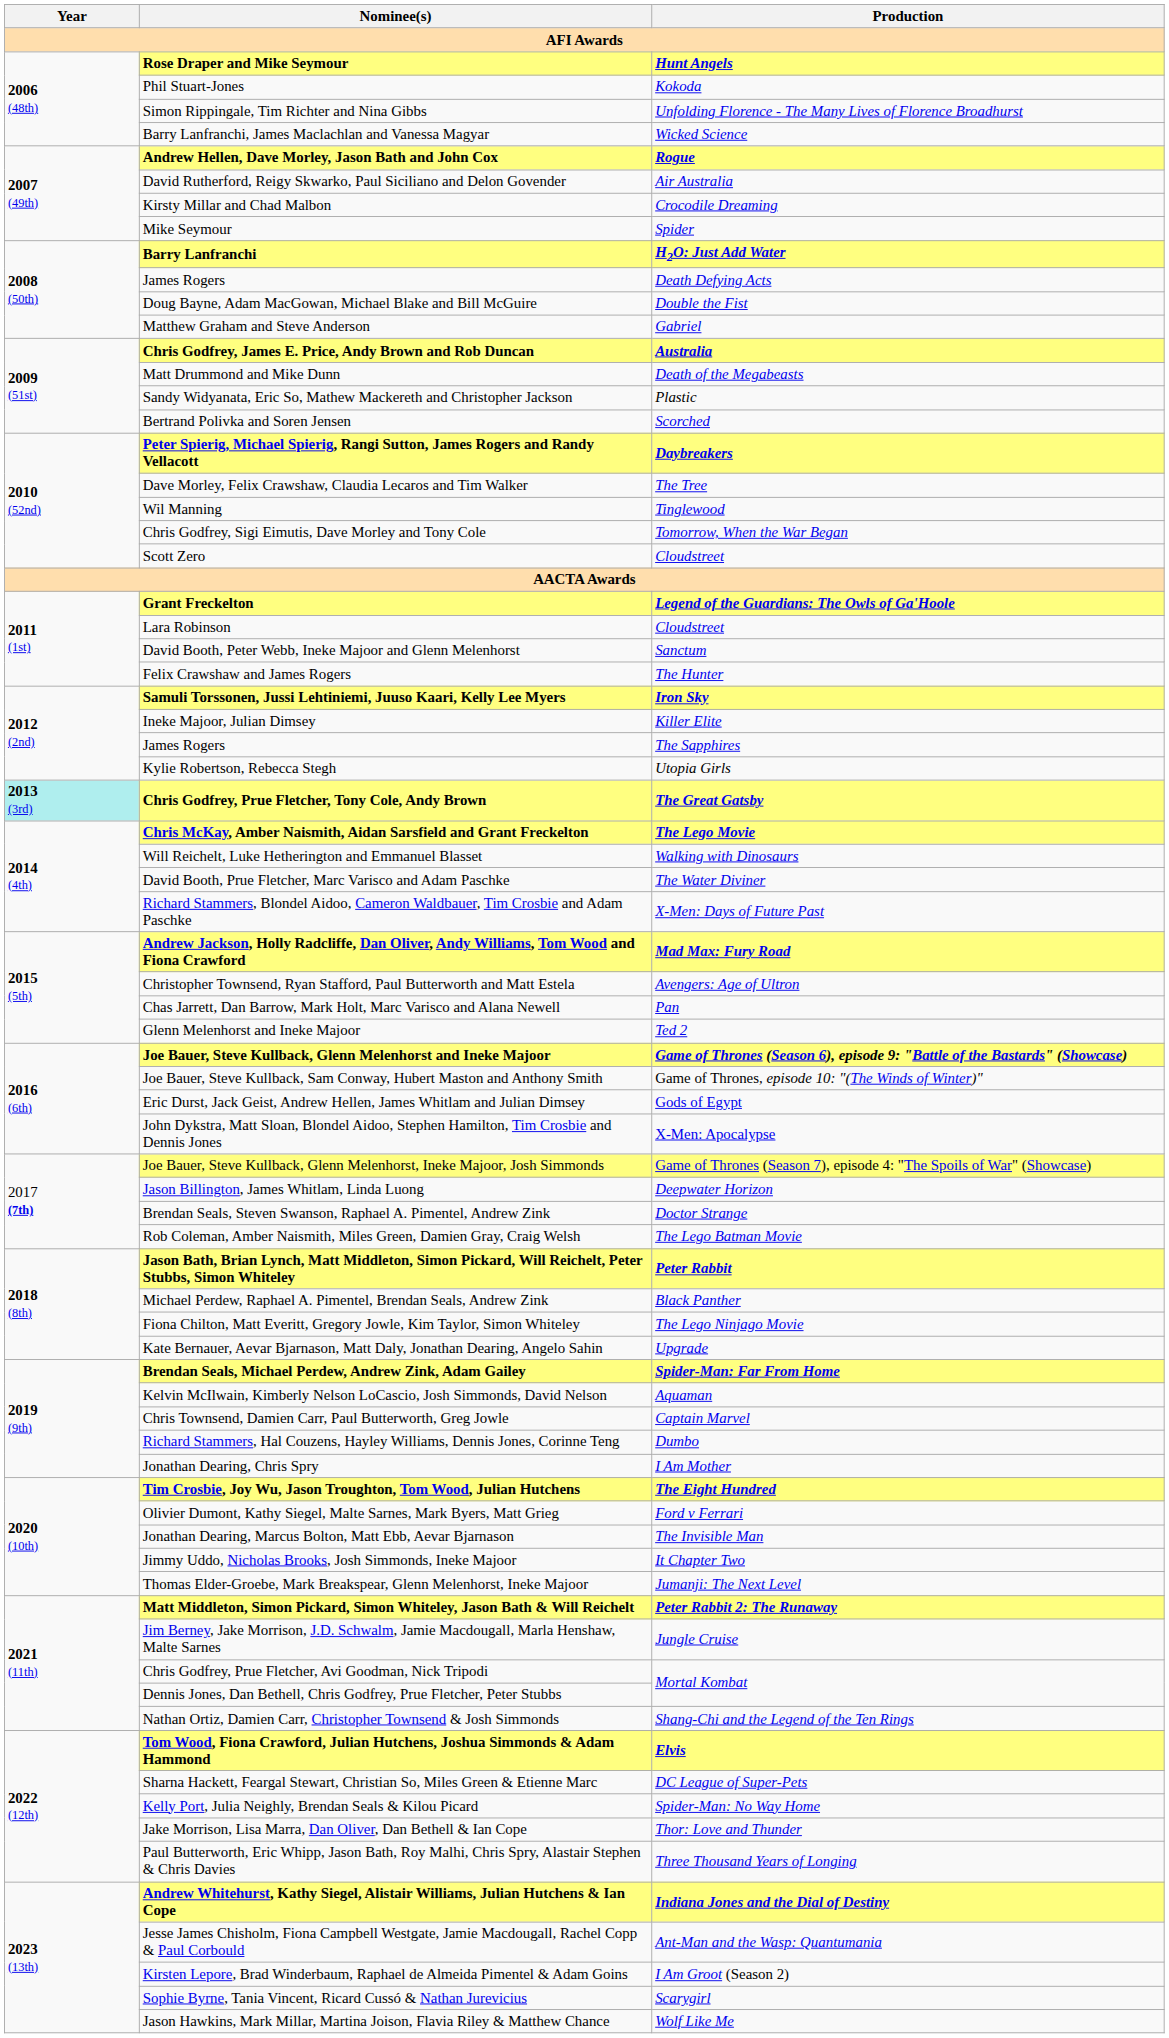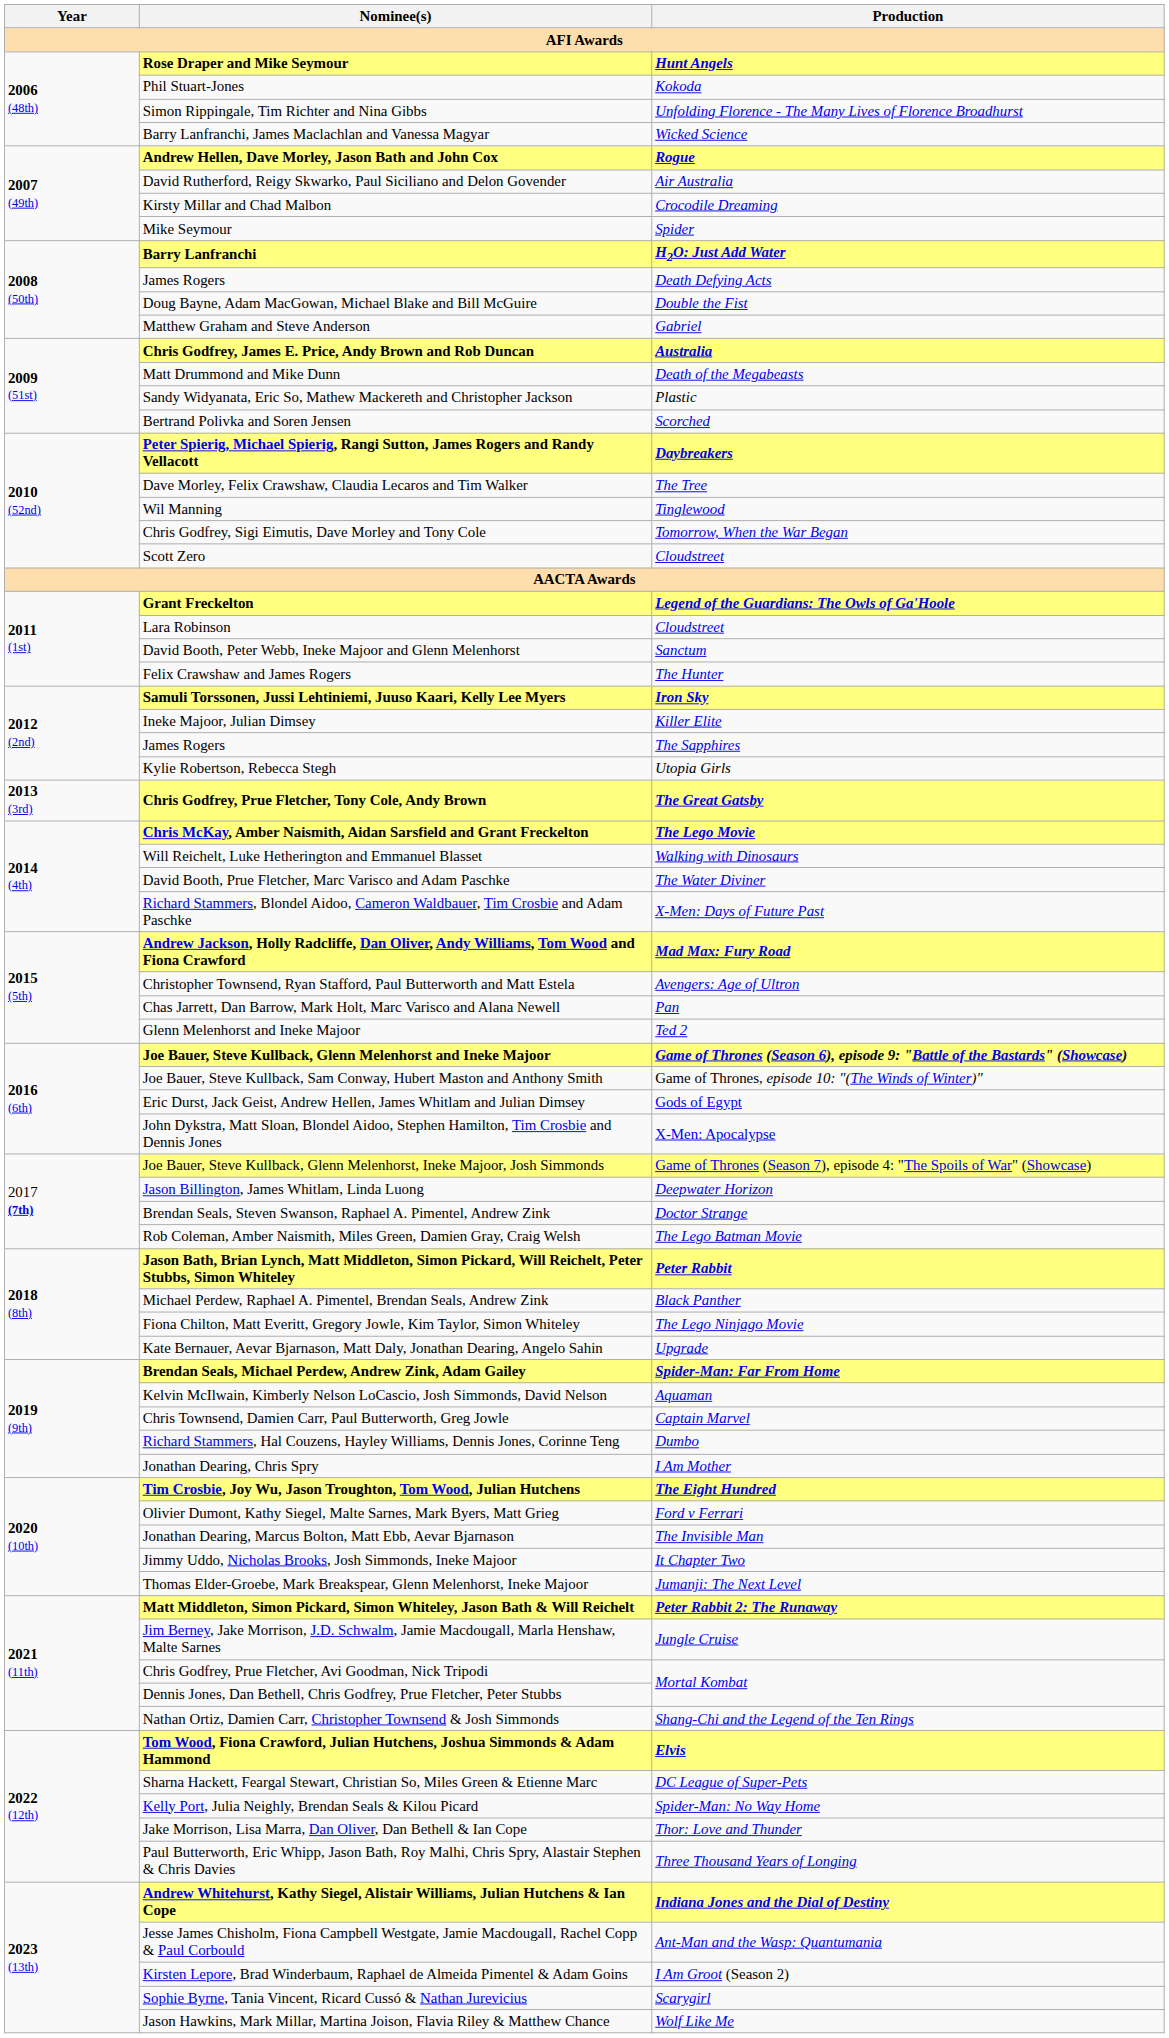 <table class="sortable wikitable">
 <tr>
 <th width="5%">Year</th>
 <th width="19%">Nominee(s)</th>
 <th width="19%">Production</th>
 </tr>
 <tr>
 <td colspan="3" style="background:#FFDEAD;" align="center"><strong>AFI Awards</strong></td>
 </tr>
 <tr>
 <td rowspan=4><strong>2006</strong><br><small><a href='#'>(48th)</a></small></td>
 <td style="background:#ffff80;"><strong>Rose Draper and Mike Seymour</strong></td>
 <td style="background:#ffff80;"><strong><em><a href='#'>Hunt Angels</a></em></strong></td>
 </tr>
 <tr>
 <td>Phil Stuart-Jones</td>
 <td><em><a href='#'>Kokoda</a></em></td>
 </tr>
 <tr>
 <td>Simon Rippingale, Tim Richter and Nina Gibbs</td>
 <td><em><a href='#'>Unfolding Florence - The Many Lives of Florence Broadhurst</a></em></td>
 </tr>
 <tr>
 <td>Barry Lanfranchi, James Maclachlan and Vanessa Magyar</td>
 <td><em><a href='#'>Wicked Science</a></em></td>
 </tr>
 <tr>
 <td rowspan=4><strong>2007</strong><br><small><a href='#'>(49th)</a></small></td>
 <td style="background:#ffff80;"><strong>Andrew Hellen, Dave Morley, Jason Bath and John Cox</strong></td>
 <td style="background:#ffff80;"><strong><em><a href='#'>Rogue</a></em></strong></td>
 </tr>
 <tr>
 <td>David Rutherford, Reigy Skwarko, Paul Siciliano and Delon Govender</td>
 <td><em><a href='#'>Air Australia</a></em></td>
 </tr>
 <tr>
 <td>Kirsty Millar and Chad Malbon</td>
 <td><em><a href='#'>Crocodile Dreaming</a></em></td>
 </tr>
 <tr>
 <td>Mike Seymour</td>
 <td><em><a href='#'>Spider</a></em></td>
 </tr>
 <tr>
 <td rowspan=4><strong>2008</strong><br><small><a href='#'>(50th)</a></small></td>
 <td style="background:#ffff80;"><strong>Barry Lanfranchi</strong></td>
 <td style="background:#ffff80;"><strong><em><a href='#'>H<sub>2</sub>O: Just Add Water</a></em></strong></td>
 </tr>
 <tr>
 <td>James Rogers</td>
 <td><em><a href='#'>Death Defying Acts</a></em></td>
 </tr>
 <tr>
 <td>Doug Bayne, Adam MacGowan, Michael Blake and Bill McGuire</td>
 <td><em><a href='#'>Double the Fist</a></em></td>
 </tr>
 <tr>
 <td>Matthew Graham and Steve Anderson</td>
 <td><em><a href='#'>Gabriel</a></em></td>
 </tr>
 <tr>
 <td rowspan=4><strong>2009</strong><br><small><a href='#'>(51st)</a></small></td>
 <td style="background:#ffff80;"><strong>Chris Godfrey, James E. Price, Andy Brown and Rob Duncan</strong></td>
 <td style="background:#ffff80;"><strong><em><a href='#'>Australia</a></em></strong></td>
 </tr>
 <tr>
 <td>Matt Drummond and Mike Dunn</td>
 <td><em><a href='#'>Death of the Megabeasts</a></em></td>
 </tr>
 <tr>
 <td>Sandy Widyanata, Eric So, Mathew Mackereth and Christopher Jackson</td>
 <td><em>Plastic</em></td>
 </tr>
 <tr>
 <td>Bertrand Polivka and Soren Jensen</td>
 <td><em><a href='#'>Scorched</a></em></td>
 </tr>
 <tr>
 <td rowspan=5><strong>2010</strong><br><small><a href='#'>(52nd)</a></small></td>
 <td style="background:#ffff80;"><strong><a href='#'>Peter Spierig, Michael Spierig</a>, Rangi Sutton, James Rogers and Randy Vellacott</strong></td>
 <td style="background:#ffff80;"><strong><em><a href='#'>Daybreakers</a></em></strong></td>
 </tr>
 <tr>
 <td>Dave Morley, Felix Crawshaw, Claudia Lecaros and Tim Walker</td>
 <td><em><a href='#'>The Tree</a></em></td>
 </tr>
 <tr>
 <td>Wil Manning</td>
 <td><em><a href='#'>Tinglewood</a></em></td>
 </tr>
 <tr>
 <td>Chris Godfrey, Sigi Eimutis, Dave Morley and Tony Cole</td>
 <td><em><a href='#'>Tomorrow, When the War Began</a></em></td>
 </tr>
 <tr>
 <td>Scott Zero</td>
 <td><em><a href='#'>Cloudstreet</a></em></td>
 </tr>
 <tr>
 <td colspan="3" style="background:#FFDEAD;" align="center"><strong>AACTA Awards</strong></td>
 </tr>
 <tr>
 <td rowspan=4><strong>2011</strong><br><small><a href='#'>(1st)</a></small></td>
 <td style="background:#ffff80;"><strong>Grant Freckelton</strong></td>
 <td style="background:#ffff80;"><strong><em><a href='#'>Legend of the Guardians: The Owls of Ga'Hoole</a></em></strong> </td>
 </tr>
 <tr>
 <td>Lara Robinson</td>
 <td><em><a href='#'>Cloudstreet</a></em></td>
 </tr>
 <tr>
 <td>David Booth, Peter Webb, Ineke Majoor and Glenn Melenhorst</td>
 <td><em><a href='#'>Sanctum</a></em></td>
 </tr>
 <tr>
 <td>Felix Crawshaw and James Rogers</td>
 <td><em><a href='#'>The Hunter</a></em></td>
 </tr>
 <tr>
 <td rowspan=4><strong>2012</strong><br><small><a href='#'>(2nd)</a></small></td>
 <td style="background:#ffff80;"><strong>Samuli Torssonen, Jussi Lehtiniemi, Juuso Kaari, Kelly Lee Myers</strong></td>
 <td style="background:#ffff80;"><strong><em><a href='#'>Iron Sky</a></em></strong></td>
 </tr>
 <tr>
 <td>Ineke Majoor, Julian Dimsey</td>
 <td><em><a href='#'>Killer Elite</a></em></td>
 </tr>
 <tr>
 <td>James Rogers</td>
 <td><em><a href='#'>The Sapphires</a></em></td>
 </tr>
 <tr>
 <td>Kylie Robertson, Rebecca Stegh</td>
 <td><em>Utopia Girls</em></td>
 </tr>
 <tr>
-<td style="background: paleturquoise;"><strong>2013</strong><br><small><a href='#'>(3rd)</a></small></td>
+<td><strong>2013</strong><br><small><a href='#'>(3rd)</a></small></td>
 <td style="background:#ffff80;"><strong>Chris Godfrey, Prue Fletcher, Tony Cole, Andy Brown</strong></td>
 <td style="background:#ffff80;"><strong><em><a href='#'>The Great Gatsby</a></em></strong></td>
 </tr>
 <tr>
 <td rowspan=4><strong>2014</strong><br><small><a href='#'>(4th)</a></small></td>
 <td style="background:#ffff80;"><strong><a href='#'>Chris McKay</a>, Amber Naismith, Aidan Sarsfield and Grant Freckelton</strong></td>
 <td style="background:#ffff80;"><strong><em><a href='#'>The Lego Movie</a></em></strong></td>
 </tr>
 <tr>
 <td>Will Reichelt, Luke Hetherington and Emmanuel Blasset</td>
 <td><em><a href='#'>Walking with Dinosaurs</a></em></td>
 </tr>
 <tr>
 <td>David Booth, Prue Fletcher, Marc Varisco and Adam Paschke</td>
 <td><em><a href='#'>The Water Diviner</a></em></td>
 </tr>
 <tr>
 <td><a href='#'>Richard Stammers</a>, Blondel Aidoo, <a href='#'>Cameron Waldbauer</a>, <a href='#'>Tim Crosbie</a> and Adam Paschke</td>
 <td><em><a href='#'>X-Men: Days of Future Past</a></em></td>
 </tr>
 <tr>
 <td rowspan=4><strong>2015</strong><br><small><a href='#'>(5th)</a></small></td>
 <td style="background:#ffff80;"><strong><a href='#'>Andrew Jackson</a>, Holly Radcliffe, <a href='#'>Dan Oliver</a>, <a href='#'>Andy Williams</a>, <a href='#'>Tom Wood</a> and Fiona Crawford</strong></td>
 <td style="background:#ffff80;"><strong><em><a href='#'>Mad Max: Fury Road</a></em></strong></td>
 </tr>
 <tr>
 <td>Christopher Townsend, Ryan Stafford, Paul Butterworth and Matt Estela</td>
 <td><em><a href='#'>Avengers: Age of Ultron</a></em></td>
 </tr>
 <tr>
 <td>Chas Jarrett, Dan Barrow, Mark Holt, Marc Varisco and Alana Newell</td>
 <td><em><a href='#'>Pan</a></em></td>
 </tr>
 <tr>
 <td>Glenn Melenhorst and Ineke Majoor</td>
 <td><em><a href='#'>Ted 2</a></em></td>
 </tr>
 <tr>
 <td rowspan=4><strong>2016</strong><br><small><a href='#'>(6th)</a></small></td>
 <td style="background:#ffff80;"><strong>Joe Bauer, Steve Kullback, Glenn Melenhorst and Ineke Majoor</strong></td>
 <td style="background:#ffff80;"><strong><em><a href='#'>Game of Thrones</a><em> (<a href='#'>Season 6</a>), episode 9: "<a href='#'>Battle of the Bastards</a>" (<a href='#'>Showcase</a>)<strong></td>
 </tr>
 <tr>
 <td>Joe Bauer, Steve Kullback, Sam Conway, Hubert Maston and Anthony Smith</td>
 <td></em>Game of Thrones<em>, episode 10: "(<a href='#'>The Winds of Winter</a>)"</td>
 </tr>
 <tr>
 <td>Eric Durst, Jack Geist, Andrew Hellen, James Whitlam and Julian Dimsey</td>
 <td></em><a href='#'>Gods of Egypt</a><em></td>
 </tr>
 <tr>
 <td>John Dykstra, Matt Sloan, Blondel Aidoo, Stephen Hamilton, <a href='#'>Tim Crosbie</a> and Dennis Jones</td>
 <td></em><a href='#'>X-Men: Apocalypse</a><em></td>
 </tr>
 <tr>
 <td rowspan=4></strong>2017<strong><br><small><a href='#'>(7th)</a></small></td>
 <td style="background:#ffff80;"></strong>Joe Bauer, Steve Kullback, Glenn Melenhorst, Ineke Majoor, Josh Simmonds<strong></td>
 <td style="background:#ffff80;"></em></strong><a href='#'>Game of Thrones</a></em> (<a href='#'>Season 7</a>), episode 4: "<a href='#'>The Spoils of War</a>" (<a href='#'>Showcase</a>)</strong></td>
 </tr>
 <tr>
 <td><a href='#'>Jason Billington</a>, James Whitlam, Linda Luong</td>
 <td><em><a href='#'>Deepwater Horizon</a></em></td>
 </tr>
 <tr>
 <td>Brendan Seals, Steven Swanson, Raphael A. Pimentel, Andrew Zink</td>
 <td><em><a href='#'>Doctor Strange</a></em></td>
 </tr>
 <tr>
 <td>Rob Coleman, Amber Naismith, Miles Green, Damien Gray, Craig Welsh</td>
 <td><em><a href='#'>The Lego Batman Movie</a></em></td>
 </tr>
 <tr>
 <td rowspan=4><strong>2018</strong><br><small><a href='#'>(8th)</a></small></td>
 <td style="background:#ffff80;"><strong>Jason Bath, Brian Lynch, Matt Middleton, Simon Pickard, Will Reichelt, Peter Stubbs, Simon Whiteley</strong></td>
 <td style="background:#ffff80;"><strong><em><a href='#'>Peter Rabbit</a></em></strong></td>
 </tr>
 <tr>
 <td>Michael Perdew, Raphael A. Pimentel, Brendan Seals, Andrew Zink</td>
 <td><em><a href='#'>Black Panther</a></em></td>
 </tr>
 <tr>
 <td>Fiona Chilton, Matt Everitt, Gregory Jowle, Kim Taylor, Simon Whiteley</td>
 <td><em><a href='#'>The Lego Ninjago Movie</a></em></td>
 </tr>
 <tr>
 <td>Kate Bernauer, Aevar Bjarnason, Matt Daly, Jonathan Dearing, Angelo Sahin</td>
 <td><em><a href='#'>Upgrade</a></em></td>
 </tr>
 <tr>
 <td rowspan=5><strong>2019</strong><br><small><a href='#'>(9th)</a></small></td>
 <td style="background:#ffff80;"><strong>Brendan Seals, Michael Perdew, Andrew Zink, Adam Gailey</strong></td>
 <td style="background:#ffff80;"><strong><em><a href='#'>Spider-Man: Far From Home</a></em></strong></td>
 </tr>
 <tr>
 <td>Kelvin McIlwain, Kimberly Nelson LoCascio, Josh Simmonds, David Nelson</td>
 <td><em><a href='#'>Aquaman</a></em></td>
 </tr>
 <tr>
 <td>Chris Townsend, Damien Carr, Paul Butterworth, Greg Jowle</td>
 <td><em><a href='#'>Captain Marvel</a></em></td>
 </tr>
 <tr>
 <td><a href='#'>Richard Stammers</a>, Hal Couzens, Hayley Williams, Dennis Jones, Corinne Teng</td>
 <td><em><a href='#'>Dumbo</a></em></td>
 </tr>
 <tr>
 <td>Jonathan Dearing, Chris Spry</td>
 <td><em><a href='#'>I Am Mother</a></em></td>
 </tr>
 <tr>
 <td rowspan=5><strong>2020</strong><br><small><a href='#'>(10th)</a></small></td>
 <td style="background:#ffff80;"><strong><a href='#'>Tim Crosbie</a>, Joy Wu, Jason Troughton, <a href='#'>Tom Wood</a>, Julian Hutchens</strong></td>
 <td style="background:#ffff80;"><strong><em><a href='#'>The Eight Hundred</a></em></strong></td>
 </tr>
 <tr>
 <td>Olivier Dumont, Kathy Siegel, Malte Sarnes, Mark Byers, Matt Grieg</td>
 <td><em><a href='#'>Ford v Ferrari</a></em></td>
 </tr>
 <tr>
 <td>Jonathan Dearing, Marcus Bolton, Matt Ebb, Aevar Bjarnason</td>
 <td><em><a href='#'>The Invisible Man</a></em></td>
 </tr>
 <tr>
 <td>Jimmy Uddo, <a href='#'>Nicholas Brooks</a>, Josh Simmonds, Ineke Majoor</td>
 <td><em><a href='#'>It Chapter Two</a></em></td>
 </tr>
 <tr>
 <td>Thomas Elder-Groebe, Mark Breakspear, Glenn Melenhorst, Ineke Majoor</td>
 <td><em><a href='#'>Jumanji: The Next Level</a></em></td>
 </tr>
 <tr>
 <td rowspan=5><strong>2021</strong><br><small><a href='#'>(11th)</a></small></td>
 <td style="background:#ffff80;"><strong>Matt Middleton, Simon Pickard, Simon Whiteley, Jason Bath & Will Reichelt</strong></td>
 <td style="background:#ffff80;"><strong><em><a href='#'>Peter Rabbit 2: The Runaway</a></em></strong></td>
 </tr>
 <tr>
 <td><a href='#'>Jim Berney</a>, Jake Morrison, <a href='#'>J.D. Schwalm</a>, Jamie Macdougall, Marla Henshaw, Malte Sarnes</td>
 <td><em><a href='#'>Jungle Cruise</a></em></td>
 </tr>
 <tr>
 <td>Chris Godfrey, Prue Fletcher, Avi Goodman, Nick Tripodi</td>
 <td rowspan=2><em><a href='#'>Mortal Kombat</a></em></td>
 </tr>
 <tr>
 <td>Dennis Jones, Dan Bethell, Chris Godfrey, Prue Fletcher, Peter Stubbs</td>
 </tr>
 <tr>
 <td>Nathan Ortiz, Damien Carr, <a href='#'>Christopher Townsend</a> & Josh Simmonds</td>
 <td><em><a href='#'>Shang-Chi and the Legend of the Ten Rings</a></em></td>
 </tr>
 <tr>
 <td rowspan=5><strong>2022</strong><br><small><a href='#'>(12th)</a></small></td>
 <td style="background:#ffff80;"><strong><a href='#'>Tom Wood</a>, Fiona Crawford, Julian Hutchens, Joshua Simmonds & Adam Hammond</strong></td>
 <td style="background:#ffff80;"><strong><em><a href='#'>Elvis</a></em></strong></td>
 </tr>
 <tr>
 <td>Sharna Hackett, Feargal Stewart, Christian So, Miles Green & Etienne Marc</td>
 <td><em><a href='#'>DC League of Super-Pets</a></em></td>
 </tr>
 <tr>
 <td><a href='#'>Kelly Port</a>, Julia Neighly, Brendan Seals & Kilou Picard</td>
 <td><em><a href='#'>Spider-Man: No Way Home</a></em></td>
 </tr>
 <tr>
 <td>Jake Morrison, Lisa Marra, <a href='#'>Dan Oliver</a>, Dan Bethell & Ian Cope</td>
 <td><em><a href='#'>Thor: Love and Thunder</a></em></td>
 </tr>
 <tr>
 <td>Paul Butterworth, Eric Whipp, Jason Bath, Roy Malhi, Chris Spry, Alastair Stephen & Chris Davies</td>
 <td><em><a href='#'>Three Thousand Years of Longing</a></em></td>
 </tr>
 <tr>
 <td rowspan=5><strong>2023</strong><br><small><a href='#'>(13th)</a></small></td>
 <td style="background:#ffff80;"><strong><a href='#'>Andrew Whitehurst</a>, Kathy Siegel, Alistair Williams, Julian Hutchens & Ian Cope</strong></td>
 <td style="background:#ffff80;"><strong><em><a href='#'>Indiana Jones and the Dial of Destiny</a></em></strong></td>
 </tr>
 <tr>
 <td>Jesse James Chisholm, Fiona Campbell Westgate, Jamie Macdougall, Rachel Copp & <a href='#'>Paul Corbould</a></td>
 <td><em><a href='#'>Ant-Man and the Wasp: Quantumania</a></em></td>
 </tr>
 <tr>
 <td><a href='#'>Kirsten Lepore</a>, Brad Winderbaum, Raphael de Almeida Pimentel & Adam Goins</td>
 <td><em><a href='#'>I Am Groot</a></em> (Season 2)</td>
 </tr>
 <tr>
 <td><a href='#'>Sophie Byrne</a>, Tania Vincent, Ricard Cussó & <a href='#'>Nathan Jurevicius</a></td>
 <td><em><a href='#'>Scarygirl</a></em></td>
 </tr>
 <tr>
 <td>Jason Hawkins, Mark Millar, Martina Joison, Flavia Riley & Matthew Chance</td>
 <td><em><a href='#'>Wolf Like Me</a></em></td>
 </tr>
 </table>
